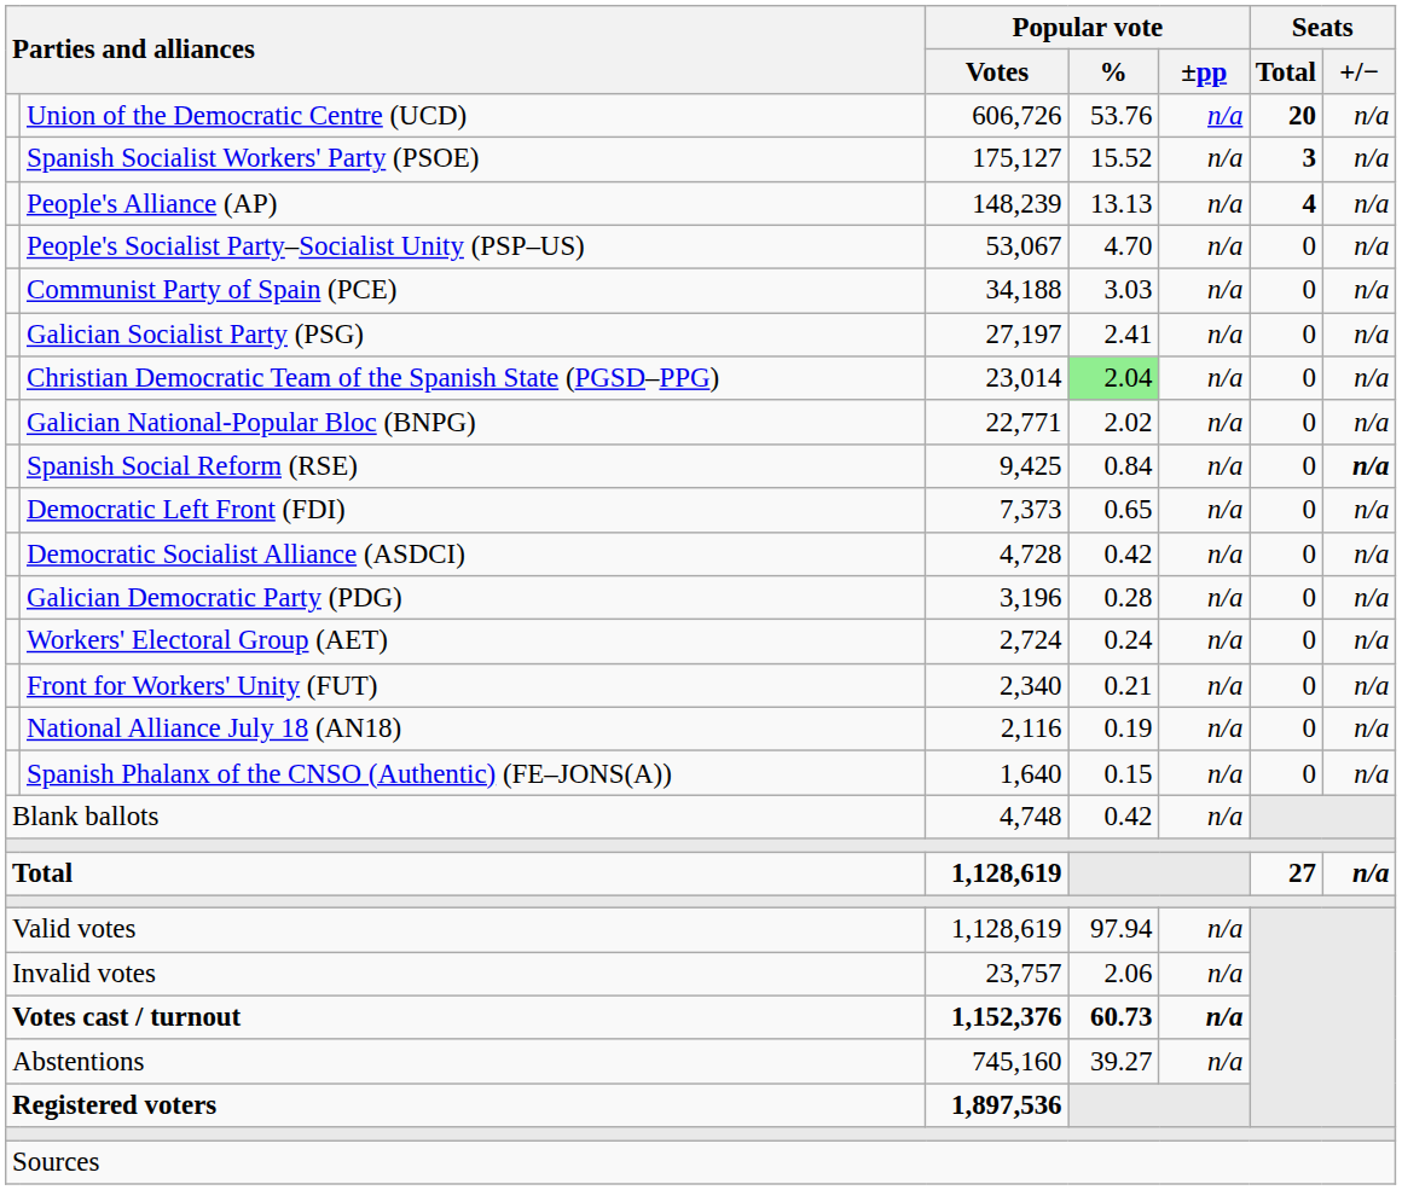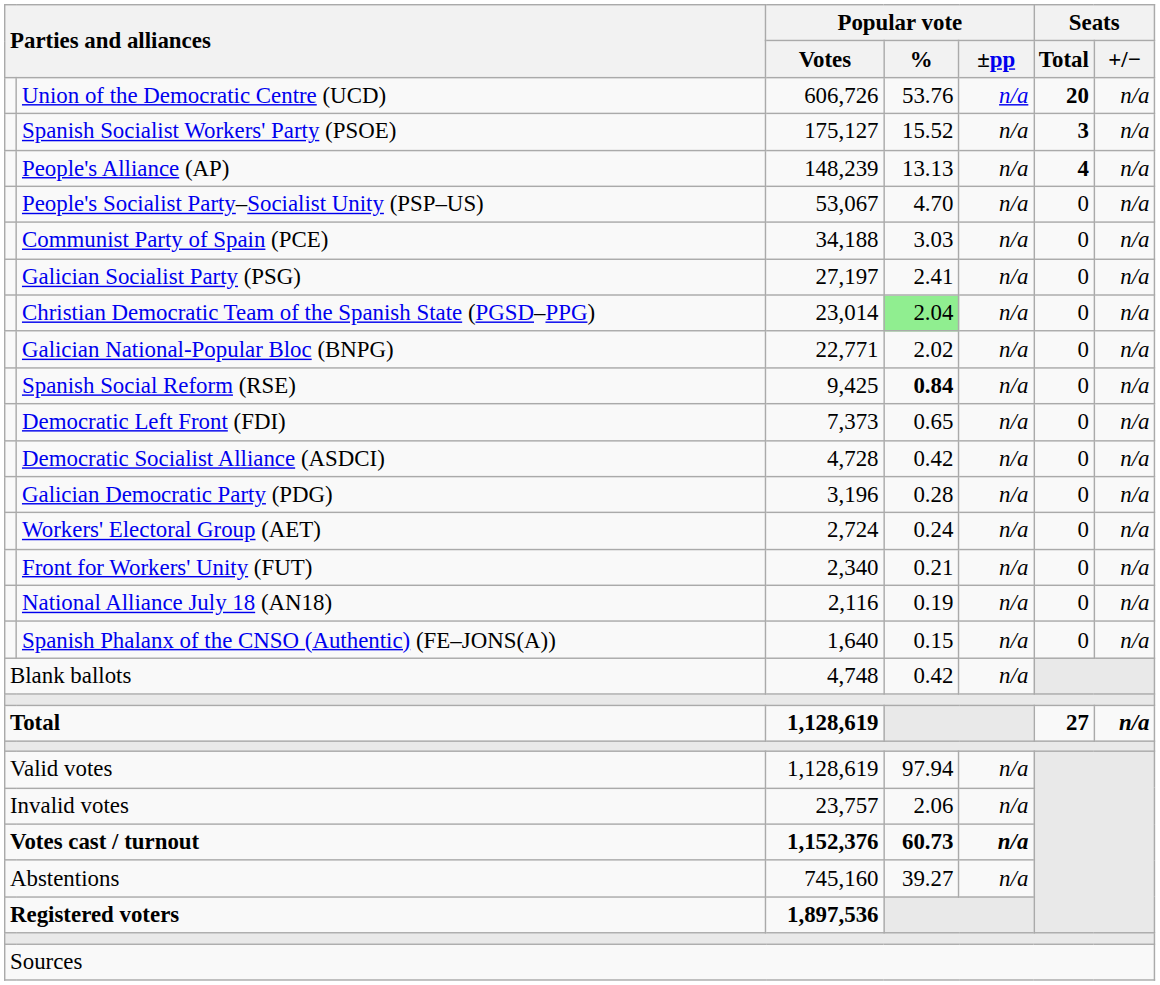 <table class="wikitable" style="text-align:right;">
 <tr>
 <th style="text-align:left;" rowspan="2" colspan="2" width="525">Parties and alliances</th>
 <th colspan="3">Popular vote</th>
 <th colspan="2">Seats</th>
 </tr>
 <tr>
 <th width="75">Votes</th>
 <th width="45">%</th>
 <th width="45">±<a href='#'>pp</a></th>
 <th width="35">Total</th>
 <th width="35">+/−</th>
 </tr>
 <tr>
 <td width="1" style="color:inherit;background:"></td>
 <td align="left"><a href='#'>Union of the Democratic Centre</a> (UCD)</td>
 <td>606,726</td>
 <td>53.76</td>
 <td><em><a href='#'>n/a</a></em></td>
 <td><strong>20</strong></td>
 <td><em>n/a</em></td>
 </tr>
 <tr>
 <td style="color:inherit;background:"></td>
 <td align="left"><a href='#'>Spanish Socialist Workers' Party</a> (PSOE)</td>
 <td>175,127</td>
 <td>15.52</td>
 <td><em>n/a</em></td>
 <td><strong>3</strong></td>
 <td><em>n/a</em></td>
 </tr>
 <tr>
 <td style="color:inherit;background:"></td>
 <td align="left"><a href='#'>People's Alliance</a> (AP)</td>
 <td>148,239</td>
 <td>13.13</td>
 <td><em>n/a</em></td>
 <td><strong>4</strong></td>
 <td><em>n/a</em></td>
 </tr>
 <tr>
 <td style="color:inherit;background:"></td>
 <td align="left"><a href='#'>People's Socialist Party</a>–<a href='#'>Socialist Unity</a> (PSP–US)</td>
 <td>53,067</td>
 <td>4.70</td>
 <td><em>n/a</em></td>
 <td>0</td>
 <td><em>n/a</em></td>
 </tr>
 <tr>
 <td style="color:inherit;background:"></td>
 <td align="left"><a href='#'>Communist Party of Spain</a> (PCE)</td>
 <td>34,188</td>
 <td>3.03</td>
 <td><em>n/a</em></td>
 <td>0</td>
 <td><em>n/a</em></td>
 </tr>
 <tr>
 <td style="color:inherit;background:"></td>
 <td align="left"><a href='#'>Galician Socialist Party</a> (PSG)</td>
 <td>27,197</td>
 <td>2.41</td>
 <td><em>n/a</em></td>
 <td>0</td>
 <td><em>n/a</em></td>
 </tr>
 <tr>
 <td style="color:inherit;background:"></td>
 <td align="left"><a href='#'>Christian Democratic Team of the Spanish State</a> (<a href='#'>PGSD</a>–<a href='#'>PPG</a>)</td>
 <td>23,014</td>
 <td style="background: lightgreen;">2.04</td>
 <td><em>n/a</em></td>
 <td>0</td>
 <td><em>n/a</em></td>
 </tr>
 <tr>
 <td style="color:inherit;background:"></td>
 <td align="left"><a href='#'>Galician National-Popular Bloc</a> (BNPG)</td>
 <td>22,771</td>
 <td>2.02</td>
 <td><em>n/a</em></td>
 <td>0</td>
 <td><em>n/a</em></td>
 </tr>
 <tr>
 <td style="color:inherit;background:"></td>
 <td align="left"><a href='#'>Spanish Social Reform</a> (RSE)</td>
 <td>9,425</td>
-<td>0.84</td>
+<td><strong>0.84</strong></td>
 <td><em>n/a</em></td>
 <td>0</td>
-<td><strong><em>n/a</em></strong></td>
+<td><em>n/a</em></td>
 </tr>
 <tr>
 <td style="color:inherit;background:"></td>
 <td align="left"><a href='#'>Democratic Left Front</a> (FDI)</td>
 <td>7,373</td>
 <td>0.65</td>
 <td><em>n/a</em></td>
 <td>0</td>
 <td><em>n/a</em></td>
 </tr>
 <tr>
 <td style="color:inherit;background:"></td>
 <td align="left"><a href='#'>Democratic Socialist Alliance</a> (ASDCI)</td>
 <td>4,728</td>
 <td>0.42</td>
 <td><em>n/a</em></td>
 <td>0</td>
 <td><em>n/a</em></td>
 </tr>
 <tr>
 <td style="color:inherit;background:"></td>
 <td align="left"><a href='#'>Galician Democratic Party</a> (PDG)</td>
 <td>3,196</td>
 <td>0.28</td>
 <td><em>n/a</em></td>
 <td>0</td>
 <td><em>n/a</em></td>
 </tr>
 <tr>
 <td style="color:inherit;background:"></td>
 <td align="left"><a href='#'>Workers' Electoral Group</a> (AET)</td>
 <td>2,724</td>
 <td>0.24</td>
 <td><em>n/a</em></td>
 <td>0</td>
 <td><em>n/a</em></td>
 </tr>
 <tr>
 <td style="color:inherit;background:"></td>
 <td align="left"><a href='#'>Front for Workers' Unity</a> (FUT)</td>
 <td>2,340</td>
 <td>0.21</td>
 <td><em>n/a</em></td>
 <td>0</td>
 <td><em>n/a</em></td>
 </tr>
 <tr>
 <td style="color:inherit;background:"></td>
 <td align="left"><a href='#'>National Alliance July 18</a> (AN18)</td>
 <td>2,116</td>
 <td>0.19</td>
 <td><em>n/a</em></td>
 <td>0</td>
 <td><em>n/a</em></td>
 </tr>
 <tr>
 <td style="color:inherit;background:"></td>
 <td align="left"><a href='#'>Spanish Phalanx of the CNSO (Authentic)</a> (FE–JONS(A))</td>
 <td>1,640</td>
 <td>0.15</td>
 <td><em>n/a</em></td>
 <td>0</td>
 <td><em>n/a</em></td>
 </tr>
 <tr>
 <td align="left" colspan="2">Blank ballots</td>
 <td>4,748</td>
 <td>0.42</td>
 <td><em>n/a</em></td>
 <td bgcolor="#E9E9E9" colspan="2"></td>
 </tr>
 <tr>
 <td colspan="7" bgcolor="#E9E9E9"></td>
 </tr>
 <tr style="font-weight:bold;">
 <td align="left" colspan="2">Total</td>
 <td>1,128,619</td>
 <td bgcolor="#E9E9E9" colspan="2"></td>
 <td>27</td>
 <td><em>n/a</em></td>
 </tr>
 <tr>
 <td colspan="7" bgcolor="#E9E9E9"></td>
 </tr>
 <tr>
 <td align="left" colspan="2">Valid votes</td>
 <td>1,128,619</td>
 <td>97.94</td>
 <td><em>n/a</em></td>
 <td bgcolor="#E9E9E9" colspan="2" rowspan="5"></td>
 </tr>
 <tr>
 <td align="left" colspan="2">Invalid votes</td>
 <td>23,757</td>
 <td>2.06</td>
 <td><em>n/a</em></td>
 </tr>
 <tr style="font-weight:bold;">
 <td align="left" colspan="2">Votes cast / turnout</td>
 <td>1,152,376</td>
 <td>60.73</td>
 <td><em>n/a</em></td>
 </tr>
 <tr>
 <td align="left" colspan="2">Abstentions</td>
 <td>745,160</td>
 <td>39.27</td>
 <td><em>n/a</em></td>
 </tr>
 <tr style="font-weight:bold;">
 <td align="left" colspan="2">Registered voters</td>
 <td>1,897,536</td>
 <td bgcolor="#E9E9E9" colspan="2"></td>
 </tr>
 <tr>
 <td colspan="7" bgcolor="#E9E9E9"></td>
 </tr>
 <tr>
 <td align="left" colspan="7">Sources</td>
 </tr>
 </table>
